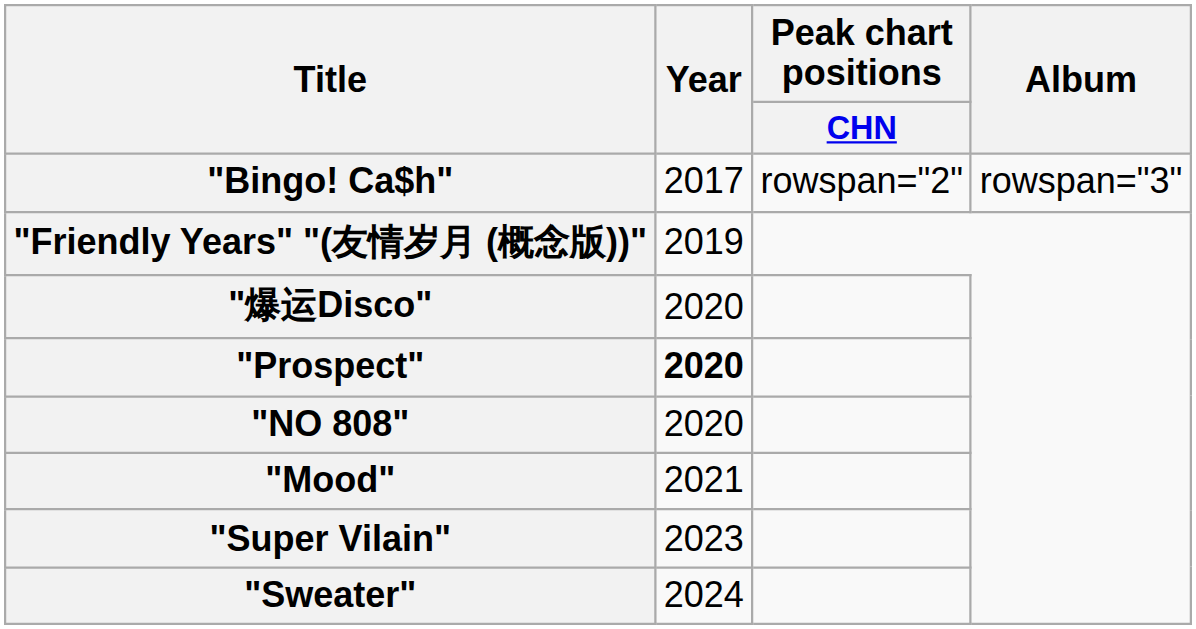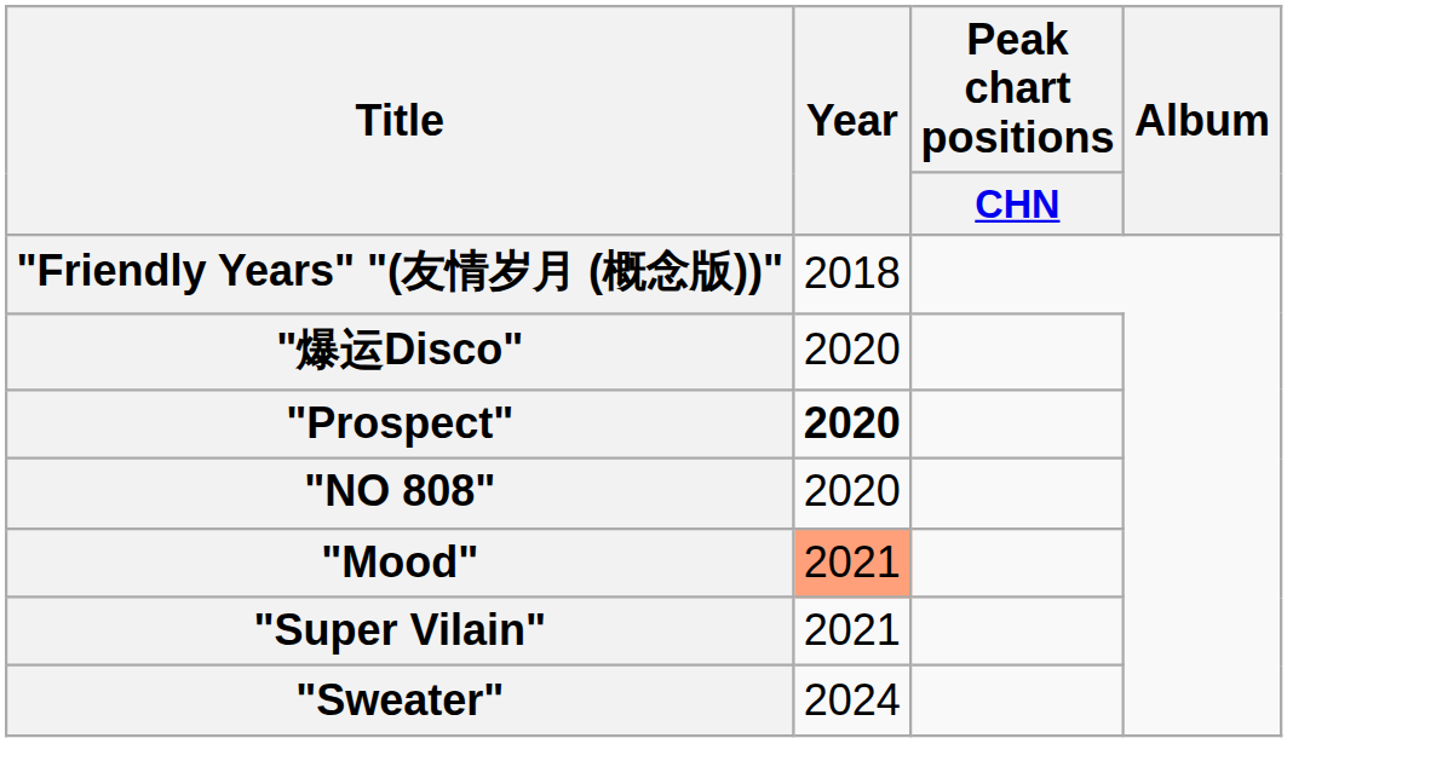 <table class="wikitable plainrowheaders" style="text-align:center;">
 <tr>
 <th scope="col" rowspan="2">Title</th>
 <th scope="col" rowspan="2">Year</th>
 <th>Peak chart positions</th>
 <th scope="col" rowspan="2">Album</th>
 </tr>
 <tr>
 <th scope="col" style="width:3em;font-size:90%;"><a href='#'>CHN</a></th>
 </tr>
 <tr>
-<th scope="row">"Bingo! Ca$h"<br></th>
-<td>2017</td>
-<td>rowspan="2"  </td>
-<td>rowspan="3" </td>
-</tr>
-<tr>
 <th scope="row">"Friendly Years" "(友情岁月 (概念版))" <br></th>
-<td>2019</td>
+<td>2018</td>
 </tr>
 <tr>
 <th scope="row">"爆运Disco" <br></th>
 <td>2020</td>
 <td></td>
 </tr>
 <tr>
 <th scope="row">"Prospect" <br></th>
 <td><strong>2020</strong></td>
 <td></td>
 </tr>
 <tr>
 <th scope="row">"NO 808" <br></th>
 <td>2020</td>
 <td></td>
 </tr>
 <tr>
 <th scope="row">"Mood" <br></th>
-<td>2021</td>
+<td style="background: lightsalmon;">2021</td>
 <td></td>
 </tr>
 <tr>
 <th scope="row">"Super Vilain" <br></th>
-<td>2023</td>
+<td>2021</td>
 <td></td>
 </tr>
 <tr>
 <th scope="row">"Sweater" <br></th>
 <td>2024</td>
 <td></td>
 </tr>
 </table>
